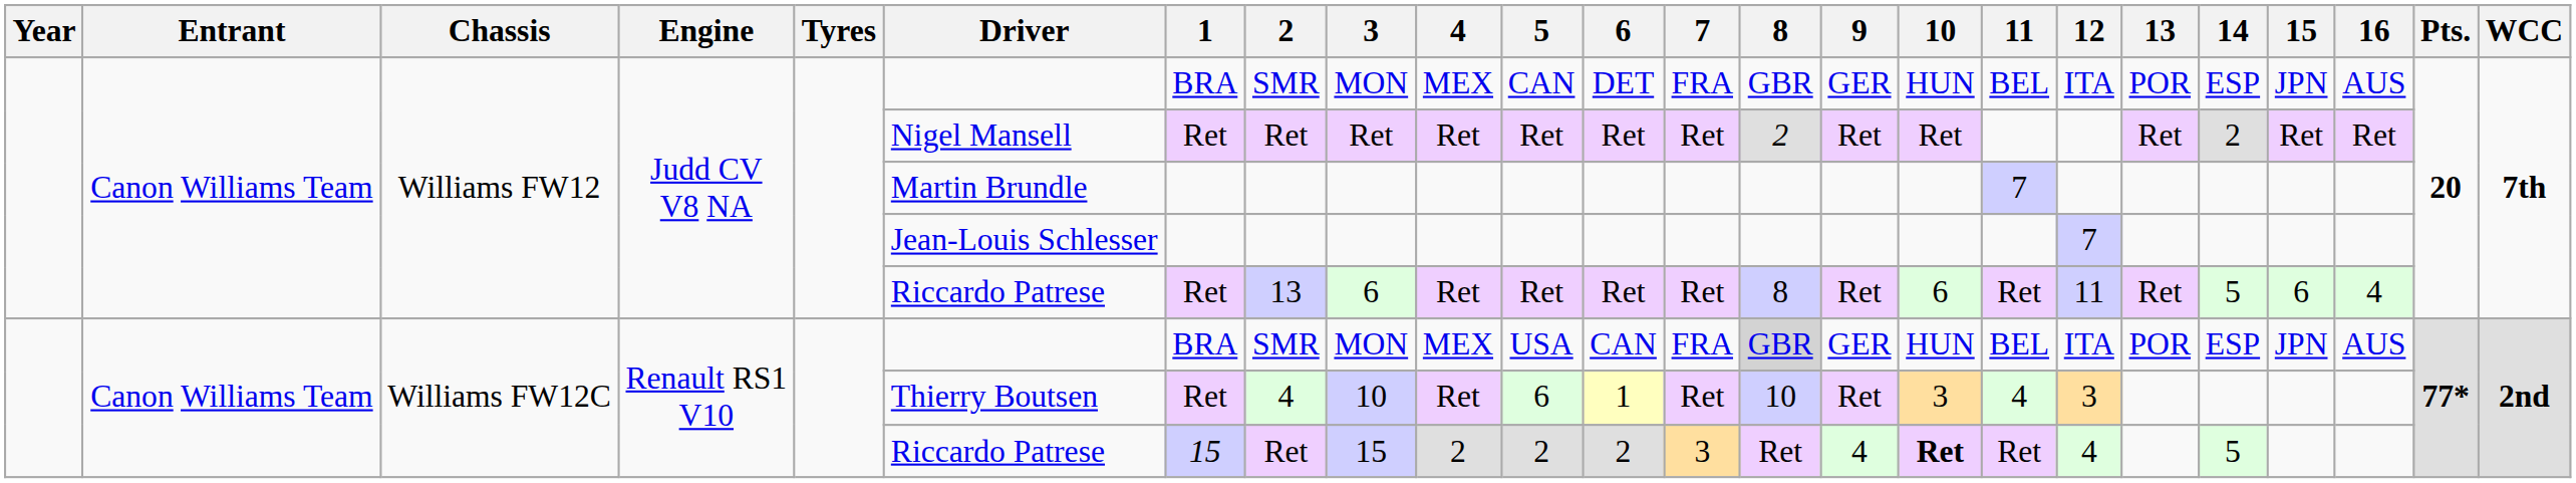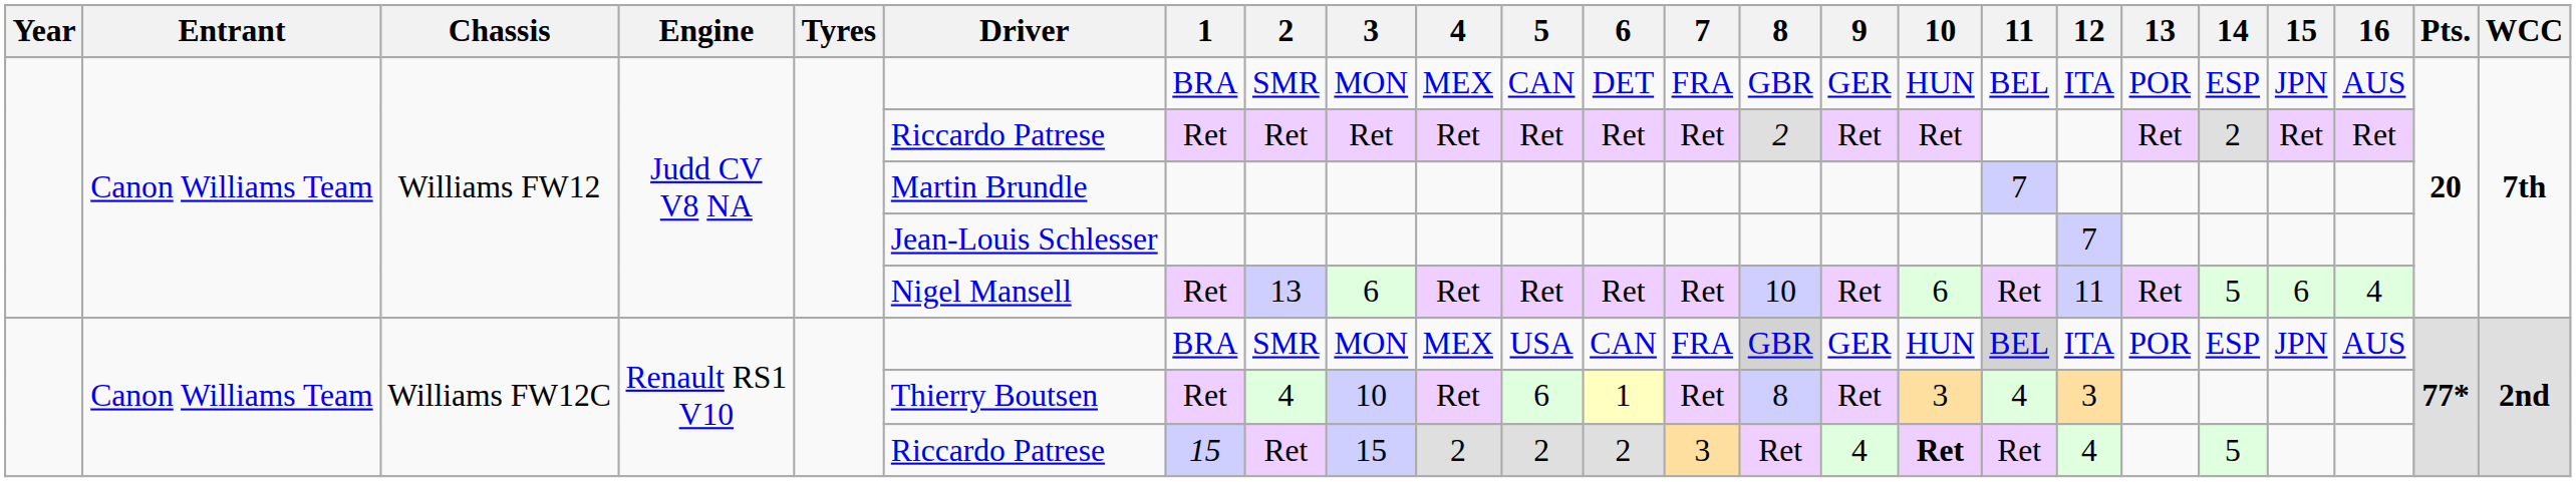 <table class="wikitable" style="text-align:center; font-size:95%">
 <tr>
 <th>Year</th>
 <th>Entrant</th>
 <th>Chassis</th>
 <th>Engine</th>
 <th>Tyres</th>
 <th>Driver</th>
 <th>1</th>
 <th>2</th>
 <th>3</th>
 <th>4</th>
 <th>5</th>
 <th>6</th>
 <th>7</th>
 <th>8</th>
 <th>9</th>
 <th>10</th>
 <th>11</th>
 <th>12</th>
 <th>13</th>
 <th>14</th>
 <th>15</th>
 <th>16</th>
 <th>Pts.</th>
 <th>WCC</th>
 </tr>
 <tr>
 <td rowspan="5"></td>
 <td rowspan="5"><a href='#'>Canon</a> <a href='#'>Williams Team</a></td>
 <td rowspan="5">Williams FW12</td>
 <td rowspan="5"><a href='#'>Judd CV</a><br><a href='#'>V8</a> <a href='#'>NA</a></td>
 <td rowspan="5"></td>
 <td></td>
 <td><a href='#'>BRA</a></td>
 <td><a href='#'>SMR</a></td>
 <td><a href='#'>MON</a></td>
 <td><a href='#'>MEX</a></td>
 <td><a href='#'>CAN</a></td>
 <td><a href='#'>DET</a></td>
 <td><a href='#'>FRA</a></td>
 <td><a href='#'>GBR</a></td>
 <td><a href='#'>GER</a></td>
 <td><a href='#'>HUN</a></td>
 <td><a href='#'>BEL</a></td>
 <td><a href='#'>ITA</a></td>
 <td><a href='#'>POR</a></td>
 <td><a href='#'>ESP</a></td>
 <td><a href='#'>JPN</a></td>
 <td><a href='#'>AUS</a></td>
 <td rowspan="5"><strong>20</strong></td>
 <td rowspan="5"><strong>7th</strong></td>
 </tr>
 <tr>
-<td align="left"><a href='#'>Nigel Mansell</a></td>
+<td align="left"><a href='#'>Riccardo Patrese</a></td>
 <td style="background:#efcfff;">Ret</td>
 <td style="background:#efcfff;">Ret</td>
 <td style="background:#efcfff;">Ret</td>
 <td style="background:#efcfff;">Ret</td>
 <td style="background:#efcfff;">Ret</td>
 <td style="background:#efcfff;">Ret</td>
 <td style="background:#efcfff;">Ret</td>
 <td style="background:#dfdfdf;"><em>2</em></td>
 <td style="background:#efcfff;">Ret</td>
 <td style="background:#efcfff;">Ret</td>
 <td></td>
 <td></td>
 <td style="background:#efcfff;">Ret</td>
 <td style="background:#dfdfdf;">2</td>
 <td style="background:#efcfff;">Ret</td>
 <td style="background:#efcfff;">Ret</td>
 </tr>
 <tr>
 <td align="left"><a href='#'>Martin Brundle</a></td>
 <td></td>
 <td></td>
 <td></td>
 <td></td>
 <td></td>
 <td></td>
 <td></td>
 <td></td>
 <td></td>
 <td></td>
 <td style="background:#cfcfff;">7</td>
 <td></td>
 <td></td>
 <td></td>
 <td></td>
 <td></td>
 </tr>
 <tr>
 <td align="left"><a href='#'>Jean-Louis Schlesser</a></td>
 <td></td>
 <td></td>
 <td></td>
 <td></td>
 <td></td>
 <td></td>
 <td></td>
 <td></td>
 <td></td>
 <td></td>
 <td></td>
 <td style="background:#cfcfff;">7</td>
 <td></td>
 <td></td>
 <td></td>
 <td></td>
 </tr>
 <tr>
-<td align="left"><a href='#'>Riccardo Patrese</a></td>
+<td align="left"><a href='#'>Nigel Mansell</a></td>
 <td style="background:#efcfff;">Ret</td>
 <td style="background:#cfcfff;">13</td>
 <td style="background:#dfffdf;">6</td>
 <td style="background:#efcfff;">Ret</td>
 <td style="background:#efcfff;">Ret</td>
 <td style="background:#efcfff;">Ret</td>
 <td style="background:#efcfff;">Ret</td>
-<td style="background:#cfcfff;">8</td>
+<td style="background:#cfcfff;">10</td>
 <td style="background:#efcfff;">Ret</td>
 <td style="background:#dfffdf;">6</td>
 <td style="background:#efcfff;">Ret</td>
 <td style="background:#cfcfff;">11</td>
 <td style="background:#efcfff;">Ret</td>
 <td style="background:#dfffdf;">5</td>
 <td style="background:#dfffdf;">6</td>
 <td style="background:#dfffdf;">4</td>
 </tr>
 <tr>
 <td rowspan="3"></td>
 <td rowspan="3"><a href='#'>Canon</a> <a href='#'>Williams Team</a></td>
 <td rowspan="3">Williams FW12C</td>
 <td rowspan="3"><a href='#'>Renault</a> RS1<br><a href='#'>V10</a></td>
 <td rowspan="3"></td>
 <td></td>
 <td><a href='#'>BRA</a></td>
 <td><a href='#'>SMR</a></td>
 <td><a href='#'>MON</a></td>
 <td><a href='#'>MEX</a></td>
 <td><a href='#'>USA</a></td>
 <td><a href='#'>CAN</a></td>
 <td><a href='#'>FRA</a></td>
 <td style="background: lightgrey;"><a href='#'>GBR</a></td>
 <td><a href='#'>GER</a></td>
 <td><a href='#'>HUN</a></td>
-<td><a href='#'>BEL</a></td>
+<td style="background: lightgrey;"><a href='#'>BEL</a></td>
 <td><a href='#'>ITA</a></td>
 <td><a href='#'>POR</a></td>
 <td><a href='#'>ESP</a></td>
 <td><a href='#'>JPN</a></td>
 <td><a href='#'>AUS</a></td>
 <td rowspan="3" style="background:#dfdfdf;"><strong>77*</strong></td>
 <td rowspan="3" style="background:#dfdfdf;"><strong>2nd</strong></td>
 </tr>
 <tr>
 <td align="left"><a href='#'>Thierry Boutsen</a></td>
 <td style="background:#efcfff;">Ret</td>
 <td style="background:#dfffdf;">4</td>
 <td style="background:#cfcfff;">10</td>
 <td style="background:#efcfff;">Ret</td>
 <td style="background:#dfffdf;">6</td>
 <td style="background:#ffffbf;">1</td>
 <td style="background:#efcfff;">Ret</td>
-<td style="background:#cfcfff;">10</td>
+<td style="background:#cfcfff;">8</td>
 <td style="background:#efcfff;">Ret</td>
 <td style="background:#ffdf9f;">3</td>
 <td style="background:#dfffdf;">4</td>
 <td style="background:#ffdf9f;">3</td>
 <td></td>
 <td></td>
 <td></td>
 <td></td>
 </tr>
 <tr>
 <td align="left"><a href='#'>Riccardo Patrese</a></td>
 <td style="background:#cfcfff;"><em>15</em></td>
 <td style="background:#efcfff;">Ret</td>
 <td style="background:#cfcfff;">15</td>
 <td style="background:#dfdfdf;">2</td>
 <td style="background:#dfdfdf;">2</td>
 <td style="background:#dfdfdf;">2</td>
 <td style="background:#ffdf9f;">3</td>
 <td style="background:#efcfff;">Ret</td>
 <td style="background:#dfffdf;">4</td>
 <td style="background:#efcfff;"><strong>Ret</strong></td>
 <td style="background:#efcfff;">Ret</td>
 <td style="background:#dfffdf;">4</td>
 <td></td>
 <td style="background:#dfffdf;">5</td>
 <td></td>
 <td></td>
 </tr>
 </table>
